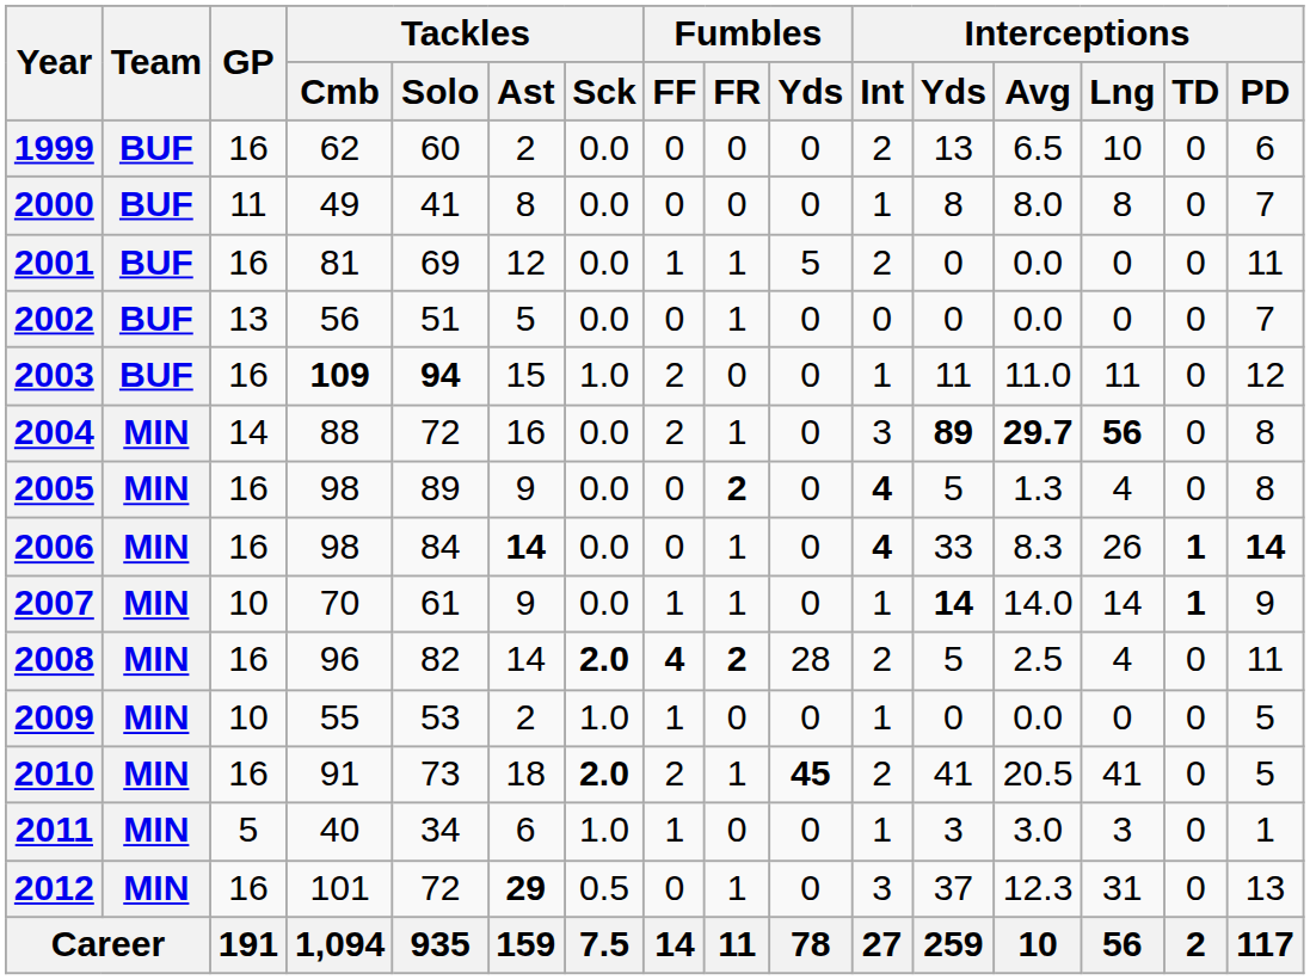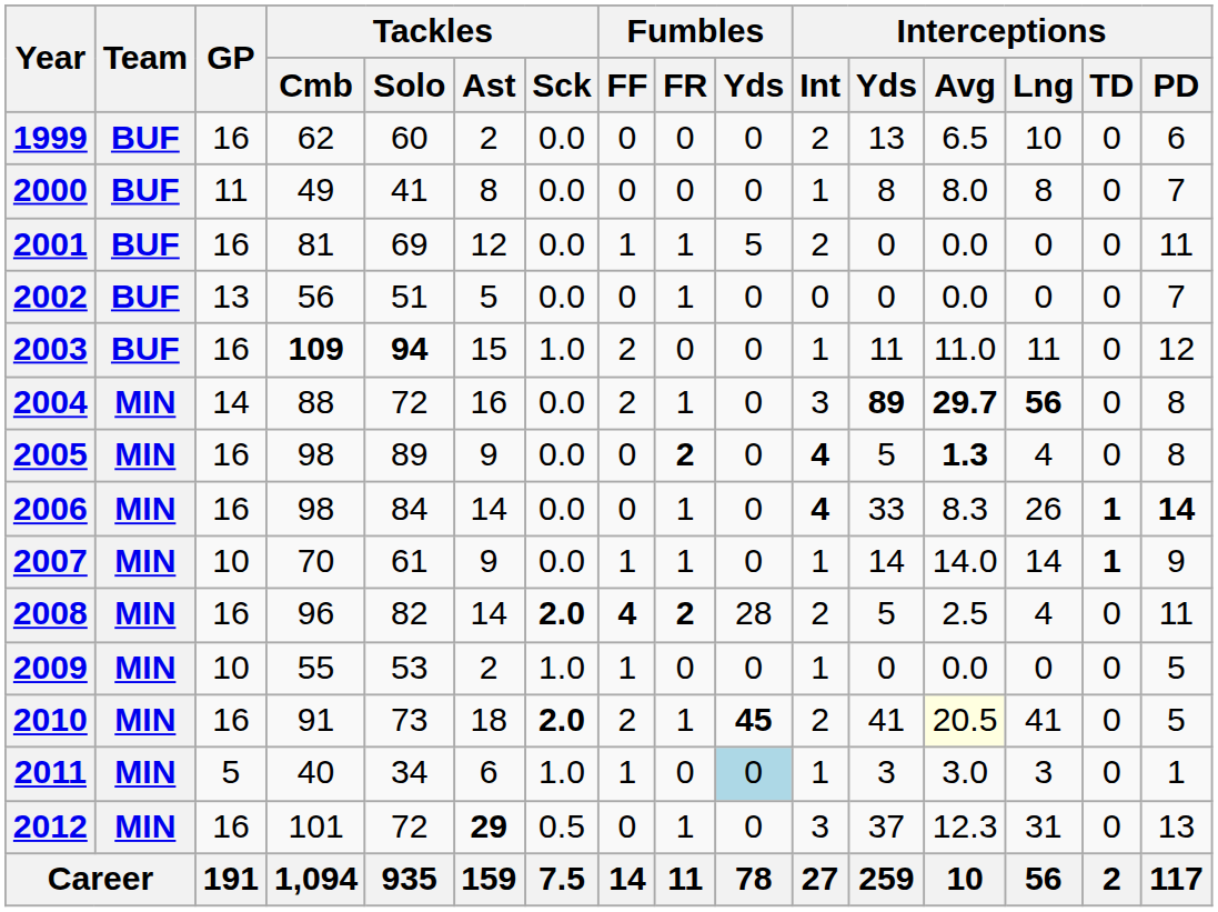 <table class="wikitable" style="text-align: center;">
 <tr>
 <th rowspan="2">Year</th>
 <th rowspan="2">Team</th>
 <th rowspan="2">GP</th>
 <th colspan="4">Tackles</th>
 <th colspan="3">Fumbles</th>
 <th colspan="6">Interceptions</th>
 </tr>
 <tr>
 <th>Cmb</th>
 <th>Solo</th>
 <th>Ast</th>
 <th>Sck</th>
 <th>FF</th>
 <th>FR</th>
 <th>Yds</th>
 <th>Int</th>
 <th>Yds</th>
 <th>Avg</th>
 <th>Lng</th>
 <th>TD</th>
 <th>PD</th>
 </tr>
 <tr>
 <th><a href='#'>1999</a></th>
 <th><a href='#'>BUF</a></th>
 <td>16</td>
 <td>62</td>
 <td>60</td>
 <td>2</td>
 <td>0.0</td>
 <td>0</td>
 <td>0</td>
 <td>0</td>
 <td>2</td>
 <td>13</td>
 <td>6.5</td>
 <td>10</td>
 <td>0</td>
 <td>6</td>
 </tr>
 <tr>
 <th><a href='#'>2000</a></th>
 <th><a href='#'>BUF</a></th>
 <td>11</td>
 <td>49</td>
 <td>41</td>
 <td>8</td>
 <td>0.0</td>
 <td>0</td>
 <td>0</td>
 <td>0</td>
 <td>1</td>
 <td>8</td>
 <td>8.0</td>
 <td>8</td>
 <td>0</td>
 <td>7</td>
 </tr>
 <tr>
 <th><a href='#'>2001</a></th>
 <th><a href='#'>BUF</a></th>
 <td>16</td>
 <td>81</td>
 <td>69</td>
 <td>12</td>
 <td>0.0</td>
 <td>1</td>
 <td>1</td>
 <td>5</td>
 <td>2</td>
 <td>0</td>
 <td>0.0</td>
 <td>0</td>
 <td>0</td>
 <td>11</td>
 </tr>
 <tr>
 <th><a href='#'>2002</a></th>
 <th><a href='#'>BUF</a></th>
 <td>13</td>
 <td>56</td>
 <td>51</td>
 <td>5</td>
 <td>0.0</td>
 <td>0</td>
 <td>1</td>
 <td>0</td>
 <td>0</td>
 <td>0</td>
 <td>0.0</td>
 <td>0</td>
 <td>0</td>
 <td>7</td>
 </tr>
 <tr>
 <th><a href='#'>2003</a></th>
 <th><a href='#'>BUF</a></th>
 <td>16</td>
 <td><strong>109</strong></td>
 <td><strong>94</strong></td>
 <td>15</td>
 <td>1.0</td>
 <td>2</td>
 <td>0</td>
 <td>0</td>
 <td>1</td>
 <td>11</td>
 <td>11.0</td>
 <td>11</td>
 <td>0</td>
 <td>12</td>
 </tr>
 <tr>
 <th><a href='#'>2004</a></th>
 <th><a href='#'>MIN</a></th>
 <td>14</td>
 <td>88</td>
 <td>72</td>
 <td>16</td>
 <td>0.0</td>
 <td>2</td>
 <td>1</td>
 <td>0</td>
 <td>3</td>
 <td><strong>89</strong></td>
 <td><strong>29.7</strong></td>
 <td><strong>56</strong></td>
 <td>0</td>
 <td>8</td>
 </tr>
 <tr>
 <th><a href='#'>2005</a></th>
 <th><a href='#'>MIN</a></th>
 <td>16</td>
 <td>98</td>
 <td>89</td>
 <td>9</td>
 <td>0.0</td>
 <td>0</td>
 <td><strong>2</strong></td>
 <td>0</td>
 <td><strong>4</strong></td>
 <td>5</td>
-<td>1.3</td>
+<td><strong>1.3</strong></td>
 <td>4</td>
 <td>0</td>
 <td>8</td>
 </tr>
 <tr>
 <th><a href='#'>2006</a></th>
 <th><a href='#'>MIN</a></th>
 <td>16</td>
 <td>98</td>
 <td>84</td>
-<td><strong>14</strong></td>
+<td>14</td>
 <td>0.0</td>
 <td>0</td>
 <td>1</td>
 <td>0</td>
 <td><strong>4</strong></td>
 <td>33</td>
 <td>8.3</td>
 <td>26</td>
 <td><strong>1</strong></td>
 <td><strong>14</strong></td>
 </tr>
 <tr>
 <th><a href='#'>2007</a></th>
 <th><a href='#'>MIN</a></th>
 <td>10</td>
 <td>70</td>
 <td>61</td>
 <td>9</td>
 <td>0.0</td>
 <td>1</td>
 <td>1</td>
 <td>0</td>
 <td>1</td>
-<td><strong>14</strong></td>
+<td>14</td>
 <td>14.0</td>
 <td>14</td>
 <td><strong>1</strong></td>
 <td>9</td>
 </tr>
 <tr>
 <th><a href='#'>2008</a></th>
 <th><a href='#'>MIN</a></th>
 <td>16</td>
 <td>96</td>
 <td>82</td>
 <td>14</td>
 <td><strong>2.0</strong></td>
 <td><strong>4</strong></td>
 <td><strong>2</strong></td>
 <td>28</td>
 <td>2</td>
 <td>5</td>
 <td>2.5</td>
 <td>4</td>
 <td>0</td>
 <td>11</td>
 </tr>
 <tr>
 <th><a href='#'>2009</a></th>
 <th><a href='#'>MIN</a></th>
 <td>10</td>
 <td>55</td>
 <td>53</td>
 <td>2</td>
 <td>1.0</td>
 <td>1</td>
 <td>0</td>
 <td>0</td>
 <td>1</td>
 <td>0</td>
 <td>0.0</td>
 <td>0</td>
 <td>0</td>
 <td>5</td>
 </tr>
 <tr>
 <th><a href='#'>2010</a></th>
 <th><a href='#'>MIN</a></th>
 <td>16</td>
 <td>91</td>
 <td>73</td>
 <td>18</td>
 <td><strong>2.0</strong></td>
 <td>2</td>
 <td>1</td>
 <td><strong>45</strong></td>
 <td>2</td>
 <td>41</td>
-<td>20.5</td>
+<td style="background: lightyellow;">20.5</td>
 <td>41</td>
 <td>0</td>
 <td>5</td>
 </tr>
 <tr>
 <th><a href='#'>2011</a></th>
 <th><a href='#'>MIN</a></th>
 <td>5</td>
 <td>40</td>
 <td>34</td>
 <td>6</td>
 <td>1.0</td>
 <td>1</td>
 <td>0</td>
-<td>0</td>
+<td style="background: lightblue;">0</td>
 <td>1</td>
 <td>3</td>
 <td>3.0</td>
 <td>3</td>
 <td>0</td>
 <td>1</td>
 </tr>
 <tr>
 <th><a href='#'>2012</a></th>
 <th><a href='#'>MIN</a></th>
 <td>16</td>
 <td>101</td>
 <td>72</td>
 <td><strong>29</strong></td>
 <td>0.5</td>
 <td>0</td>
 <td>1</td>
 <td>0</td>
 <td>3</td>
 <td>37</td>
 <td>12.3</td>
 <td>31</td>
 <td>0</td>
 <td>13</td>
 </tr>
 <tr>
 <th colspan="2">Career</th>
 <th>191</th>
 <th>1,094</th>
 <th>935</th>
 <th>159</th>
 <th>7.5</th>
 <th>14</th>
 <th>11</th>
 <th>78</th>
 <th>27</th>
 <th>259</th>
 <th>10</th>
 <th>56</th>
 <th>2</th>
 <th>117</th>
 </tr>
 </table>
